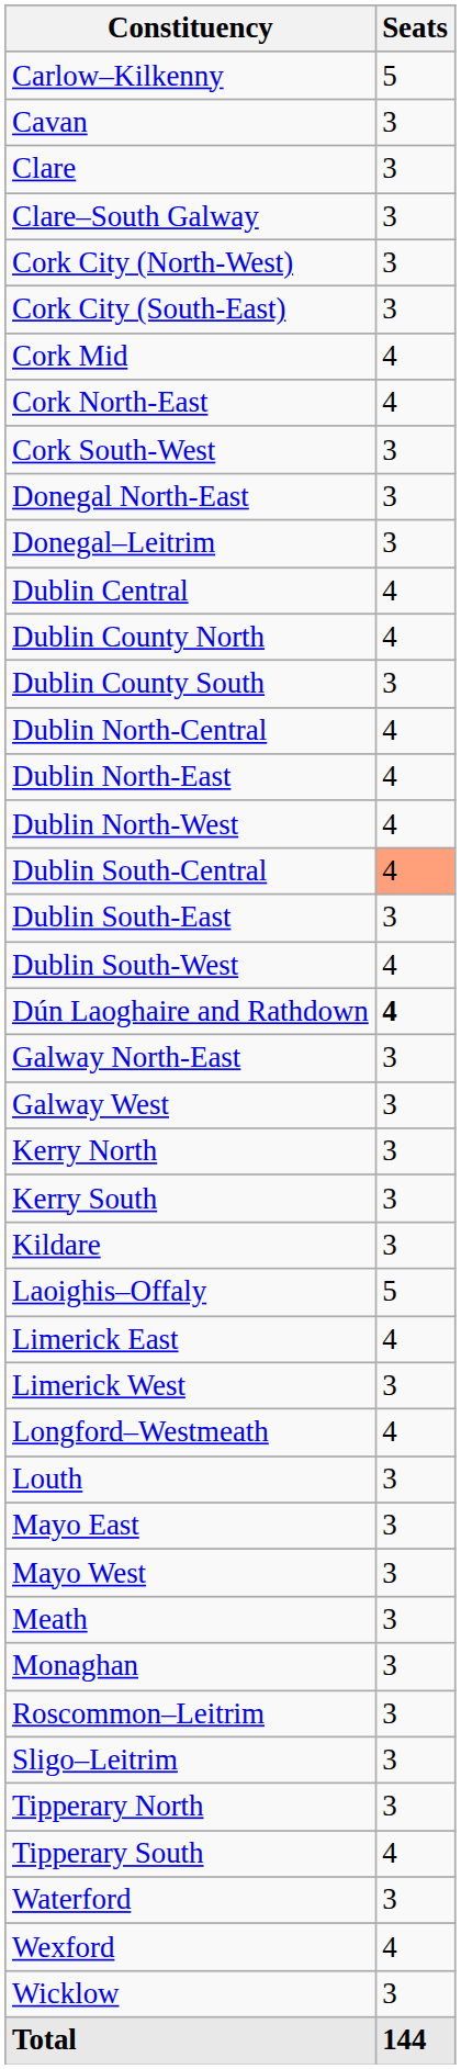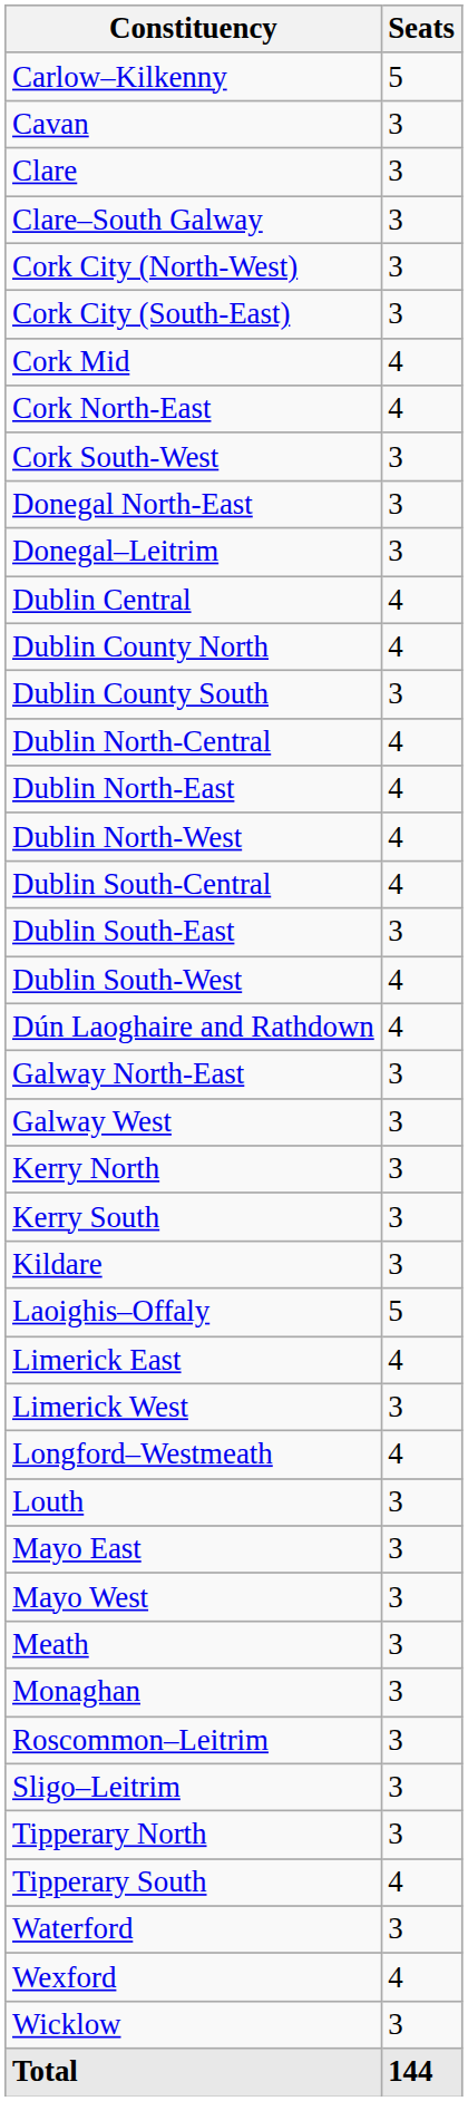 <table class="wikitable">
 <tr>
 <th>Constituency</th>
 <th>Seats</th>
 </tr>
 <tr>
 <td><a href='#'>Carlow–Kilkenny</a></td>
 <td>5</td>
 </tr>
 <tr>
 <td><a href='#'>Cavan</a></td>
 <td>3</td>
 </tr>
 <tr>
 <td><a href='#'>Clare</a></td>
 <td>3</td>
 </tr>
 <tr>
 <td><a href='#'>Clare–South Galway</a></td>
 <td>3</td>
 </tr>
 <tr>
 <td><a href='#'>Cork City (North-West)</a></td>
 <td>3</td>
 </tr>
 <tr>
 <td><a href='#'>Cork City (South-East)</a></td>
 <td>3</td>
 </tr>
 <tr>
 <td><a href='#'>Cork Mid</a></td>
 <td>4</td>
 </tr>
 <tr>
 <td><a href='#'>Cork North-East</a></td>
 <td>4</td>
 </tr>
 <tr>
 <td><a href='#'>Cork South-West</a></td>
 <td>3</td>
 </tr>
 <tr>
 <td><a href='#'>Donegal North-East</a></td>
 <td>3</td>
 </tr>
 <tr>
 <td><a href='#'>Donegal–Leitrim</a></td>
 <td>3</td>
 </tr>
 <tr>
 <td><a href='#'>Dublin Central</a></td>
 <td>4</td>
 </tr>
 <tr>
 <td><a href='#'>Dublin County North</a></td>
 <td>4</td>
 </tr>
 <tr>
 <td><a href='#'>Dublin County South</a></td>
 <td>3</td>
 </tr>
 <tr>
 <td><a href='#'>Dublin North-Central</a></td>
 <td>4</td>
 </tr>
 <tr>
 <td><a href='#'>Dublin North-East</a></td>
 <td>4</td>
 </tr>
 <tr>
 <td><a href='#'>Dublin North-West</a></td>
 <td>4</td>
 </tr>
 <tr>
 <td><a href='#'>Dublin South-Central</a></td>
-<td style="background: lightsalmon;">4</td>
+<td>4</td>
 </tr>
 <tr>
 <td><a href='#'>Dublin South-East</a></td>
 <td>3</td>
 </tr>
 <tr>
 <td><a href='#'>Dublin South-West</a></td>
 <td>4</td>
 </tr>
 <tr>
 <td><a href='#'>Dún Laoghaire and Rathdown</a></td>
-<td><strong>4</strong></td>
+<td>4</td>
 </tr>
 <tr>
 <td><a href='#'>Galway North-East</a></td>
 <td>3</td>
 </tr>
 <tr>
 <td><a href='#'>Galway West</a></td>
 <td>3</td>
 </tr>
 <tr>
 <td><a href='#'>Kerry North</a></td>
 <td>3</td>
 </tr>
 <tr>
 <td><a href='#'>Kerry South</a></td>
 <td>3</td>
 </tr>
 <tr>
 <td><a href='#'>Kildare</a></td>
 <td>3</td>
 </tr>
 <tr>
 <td><a href='#'>Laoighis–Offaly</a></td>
 <td>5</td>
 </tr>
 <tr>
 <td><a href='#'>Limerick East</a></td>
 <td>4</td>
 </tr>
 <tr>
 <td><a href='#'>Limerick West</a></td>
 <td>3</td>
 </tr>
 <tr>
 <td><a href='#'>Longford–Westmeath</a></td>
 <td>4</td>
 </tr>
 <tr>
 <td><a href='#'>Louth</a></td>
 <td>3</td>
 </tr>
 <tr>
 <td><a href='#'>Mayo East</a></td>
 <td>3</td>
 </tr>
 <tr>
 <td><a href='#'>Mayo West</a></td>
 <td>3</td>
 </tr>
 <tr>
 <td><a href='#'>Meath</a></td>
 <td>3</td>
 </tr>
 <tr>
 <td><a href='#'>Monaghan</a></td>
 <td>3</td>
 </tr>
 <tr>
 <td><a href='#'>Roscommon–Leitrim</a></td>
 <td>3</td>
 </tr>
 <tr>
 <td><a href='#'>Sligo–Leitrim</a></td>
 <td>3</td>
 </tr>
 <tr>
 <td><a href='#'>Tipperary North</a></td>
 <td>3</td>
 </tr>
 <tr>
 <td><a href='#'>Tipperary South</a></td>
 <td>4</td>
 </tr>
 <tr>
 <td><a href='#'>Waterford</a></td>
 <td>3</td>
 </tr>
 <tr>
 <td><a href='#'>Wexford</a></td>
 <td>4</td>
 </tr>
 <tr>
 <td><a href='#'>Wicklow</a></td>
 <td>3</td>
 </tr>
 <tr style="font-weight:bold; background:rgb(232,232,232);">
 <td>Total</td>
 <td>144</td>
 </tr>
 </table>
